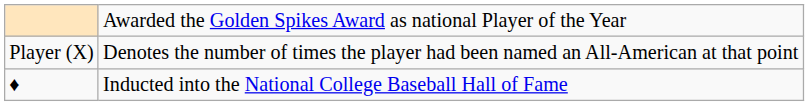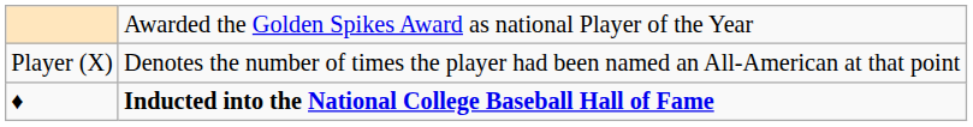 <table class="wikitable">
 <tr>
 <td style="background-color:#FFE6BD"></td>
 <td>Awarded the <a href='#'>Golden Spikes Award</a> as national Player of the Year</td>
 </tr>
 <tr>
 <td>Player (X)</td>
 <td>Denotes the number of times the player had been named an All-American at that point</td>
 </tr>
 <tr>
 <td>♦</td>
-<td>Inducted into the <a href='#'>National College Baseball Hall of Fame</a></td>
+<td><strong>Inducted into the <a href='#'>National College Baseball Hall of Fame</a></strong></td>
 </tr>
 </table>
